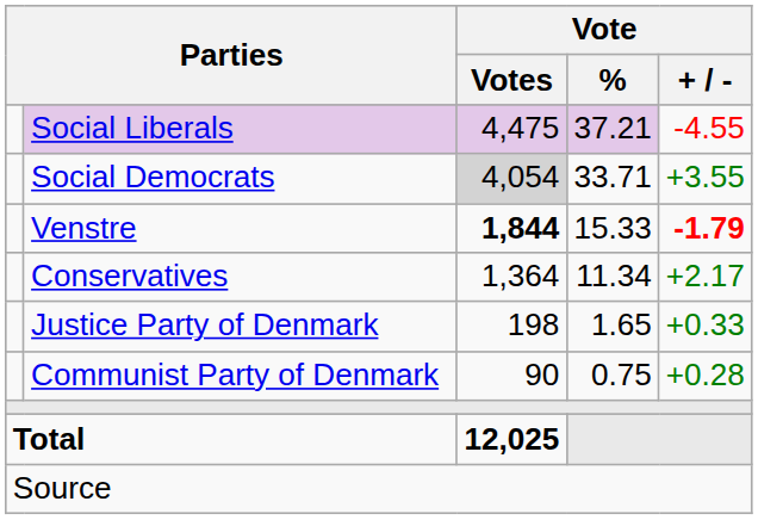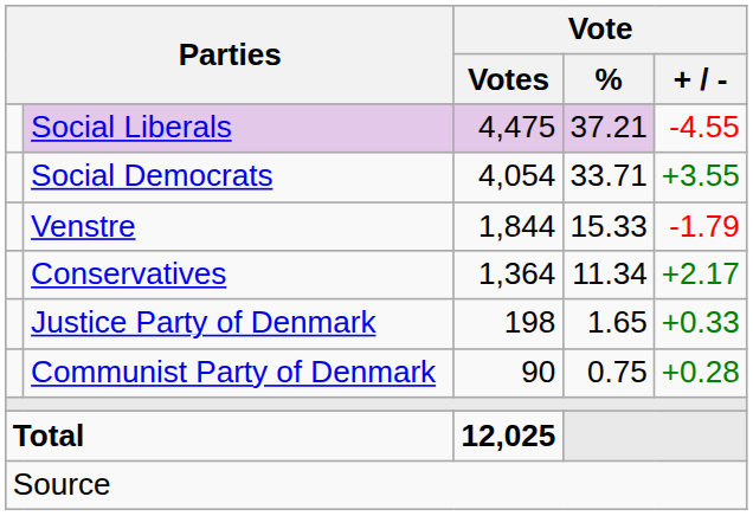 <table class="wikitable" style="text-align:right;">
 <tr>
 <th style="text-align:centre;" rowspan="2" colspan="2" width="225">Parties</th>
 <th colspan="3">Vote</th>
 </tr>
 <tr>
 <th width="15">Votes</th>
 <th width="15">%</th>
 <th width="15">+ / -</th>
 </tr>
 <tr>
 <td width="2" style="color:inherit;background:"></td>
 <td bgcolor=#e3c8e9  align="left"><a href='#'>Social Liberals</a></td>
 <td bgcolor=#e3c8e9>4,475</td>
 <td bgcolor=#e3c8e9>37.21</td>
 <td style=color:red;>-4.55</td>
 </tr>
 <tr>
 <td width="2" style="color:inherit;background:"></td>
 <td align="left"><a href='#'>Social Democrats</a></td>
-<td style="background: lightgrey;">4,054</td>
+<td>4,054</td>
 <td>33.71</td>
 <td style=color:green;>+3.55</td>
 </tr>
 <tr>
 <td width="2" style="color:inherit;background:"></td>
 <td align="left"><a href='#'>Venstre</a></td>
-<td><strong>1,844</strong></td>
+<td>1,844</td>
 <td>15.33</td>
-<td style=color:red;><strong>-1.79</strong></td>
+<td style=color:red;>-1.79</td>
 </tr>
 <tr>
 <td width="2" style="color:inherit;background:"></td>
 <td align="left"><a href='#'>Conservatives</a></td>
 <td>1,364</td>
 <td>11.34</td>
 <td style=color:green;>+2.17</td>
 </tr>
 <tr>
 <td width="2" style="color:inherit;background:"></td>
 <td align="left"><a href='#'>Justice Party of Denmark</a></td>
 <td>198</td>
 <td>1.65</td>
 <td style=color:green;>+0.33</td>
 </tr>
 <tr>
 <td width="2" style="color:inherit;background:"></td>
 <td align="left"><a href='#'>Communist Party of Denmark</a></td>
 <td>90</td>
 <td>0.75</td>
 <td style=color:green;>+0.28</td>
 </tr>
 <tr>
 <td colspan="7" bgcolor="#E9E9E9"></td>
 </tr>
 <tr>
 <td align="left" colspan="2"><strong>Total</strong></td>
 <td><strong>12,025</strong></td>
 <td bgcolor="#E9E9E9" colspan="2"></td>
 </tr>
 <tr>
 <td align="left" colspan="6">Source</td>
 </tr>
 </table>
